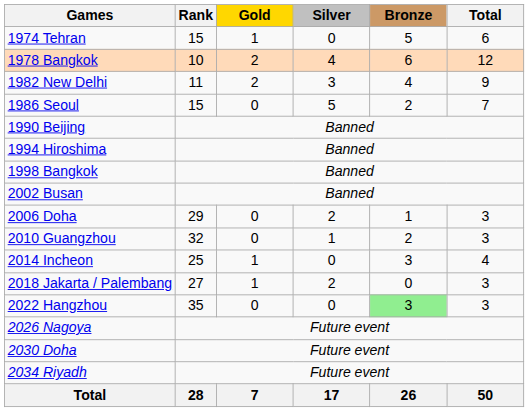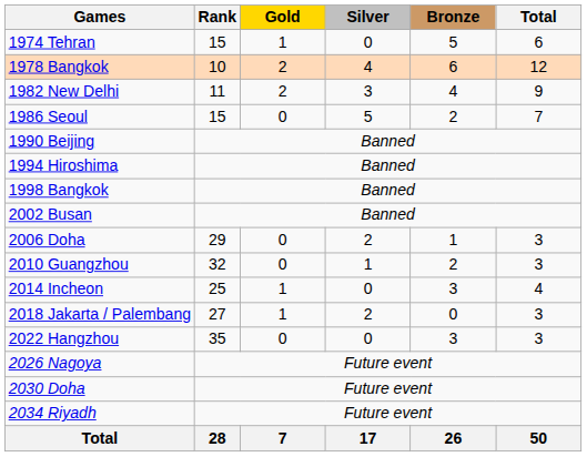 <table class="wikitable sortable" style="margin-top:0em; text-align:center; font-size:100%;">
 <tr>
 <th>Games</th>
 <th style="width:1em;">Rank</th>
 <th style="background:gold; width:5em;"><strong>Gold</strong></th>
 <th style="background:silver; width:5em;"><strong>Silver</strong></th>
 <th style="background:#cc9966; width:5em;"><strong>Bronze</strong></th>
 <th style="width:5em;">Total</th>
 </tr>
 <tr>
 <td align=left> <a href='#'>1974 Tehran</a></td>
 <td>15</td>
 <td>1</td>
 <td>0</td>
 <td>5</td>
 <td>6</td>
 </tr>
 <tr bgcolor=ffdab9>
 <td align=left> <a href='#'>1978 Bangkok</a></td>
 <td>10</td>
 <td>2</td>
 <td>4</td>
 <td>6</td>
 <td>12</td>
 </tr>
 <tr>
 <td align=left> <a href='#'>1982 New Delhi</a></td>
 <td>11</td>
 <td>2</td>
 <td>3</td>
 <td>4</td>
 <td>9</td>
 </tr>
 <tr>
 <td align=left> <a href='#'>1986 Seoul</a></td>
 <td>15</td>
 <td>0</td>
 <td>5</td>
 <td>2</td>
 <td>7</td>
 </tr>
 <tr>
 <td align=left> <a href='#'>1990 Beijing</a></td>
 <td colspan=5><em>Banned</em></td>
 </tr>
 <tr>
 <td align=left> <a href='#'>1994 Hiroshima</a></td>
 <td colspan=5><em>Banned</em></td>
 </tr>
 <tr>
 <td align=left> <a href='#'>1998 Bangkok</a></td>
 <td colspan=5><em>Banned</em></td>
 </tr>
 <tr>
 <td align=left> <a href='#'>2002 Busan</a></td>
 <td colspan=5><em>Banned</em></td>
 </tr>
 <tr>
 <td align=left> <a href='#'>2006 Doha</a></td>
 <td>29</td>
 <td>0</td>
 <td>2</td>
 <td>1</td>
 <td>3</td>
 </tr>
 <tr>
 <td align=left> <a href='#'>2010 Guangzhou</a></td>
 <td>32</td>
 <td>0</td>
 <td>1</td>
 <td>2</td>
 <td>3</td>
 </tr>
 <tr>
 <td align=left> <a href='#'>2014 Incheon</a></td>
 <td>25</td>
 <td>1</td>
 <td>0</td>
 <td>3</td>
 <td>4</td>
 </tr>
 <tr>
 <td align=left> <a href='#'>2018 Jakarta / Palembang</a></td>
 <td>27</td>
 <td>1</td>
 <td>2</td>
 <td>0</td>
 <td>3</td>
 </tr>
 <tr>
 <td align=left> <a href='#'>2022 Hangzhou</a></td>
 <td>35</td>
 <td>0</td>
 <td>0</td>
-<td style="background: lightgreen;">3</td>
+<td>3</td>
 <td>3</td>
 </tr>
 <tr>
 <td align=left> <em><a href='#'>2026 Nagoya</a></em></td>
 <td colspan=5><em>Future event</em></td>
 </tr>
 <tr>
 <td align=left> <em><a href='#'>2030 Doha</a></em></td>
 <td colspan=5><em>Future event</em></td>
 </tr>
 <tr>
 <td align=left> <em><a href='#'>2034 Riyadh</a></em></td>
 <td colspan=5><em>Future event</em></td>
 </tr>
 <tr>
 <th>Total</th>
 <th>28</th>
 <th>7</th>
 <th>17</th>
 <th>26</th>
 <th>50</th>
 </tr>
 </table>
